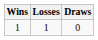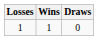 <table class="wikitable">
 <tr>
+<th>Losses</th>
 <th>Wins</th>
-<th>Losses</th>
 <th>Draws</th>
 </tr>
 <tr>
 <td align=center>1</td>
 <td align=center>1</td>
 <td align=center>0</td>
 </tr>
 </table>
